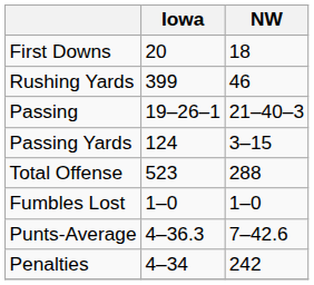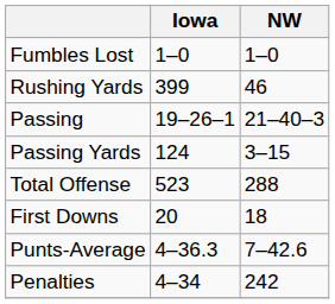 <table class="wikitable">
 <tr>
 <th></th>
 <th>Iowa</th>
 <th>NW</th>
 </tr>
 <tr>
-<td>First Downs</td>
-<td>20</td>
-<td>18</td>
+<td>Fumbles Lost</td>
+<td>1–0</td>
+<td>1–0</td>
 </tr>
 <tr>
 <td>Rushing Yards</td>
 <td>399</td>
 <td>46</td>
 </tr>
 <tr>
 <td>Passing</td>
 <td>19–26–1</td>
 <td>21–40–3</td>
 </tr>
 <tr>
 <td>Passing Yards</td>
 <td>124</td>
 <td>3–15</td>
 </tr>
 <tr>
 <td>Total Offense</td>
 <td>523</td>
 <td>288</td>
 </tr>
 <tr>
-<td>Fumbles Lost</td>
-<td>1–0</td>
-<td>1–0</td>
+<td>First Downs</td>
+<td>20</td>
+<td>18</td>
 </tr>
 <tr>
 <td>Punts-Average</td>
 <td>4–36.3</td>
 <td>7–42.6</td>
 </tr>
 <tr>
 <td>Penalties</td>
 <td>4–34</td>
 <td>242</td>
 </tr>
 <tr>
 </tr>
 </table>
